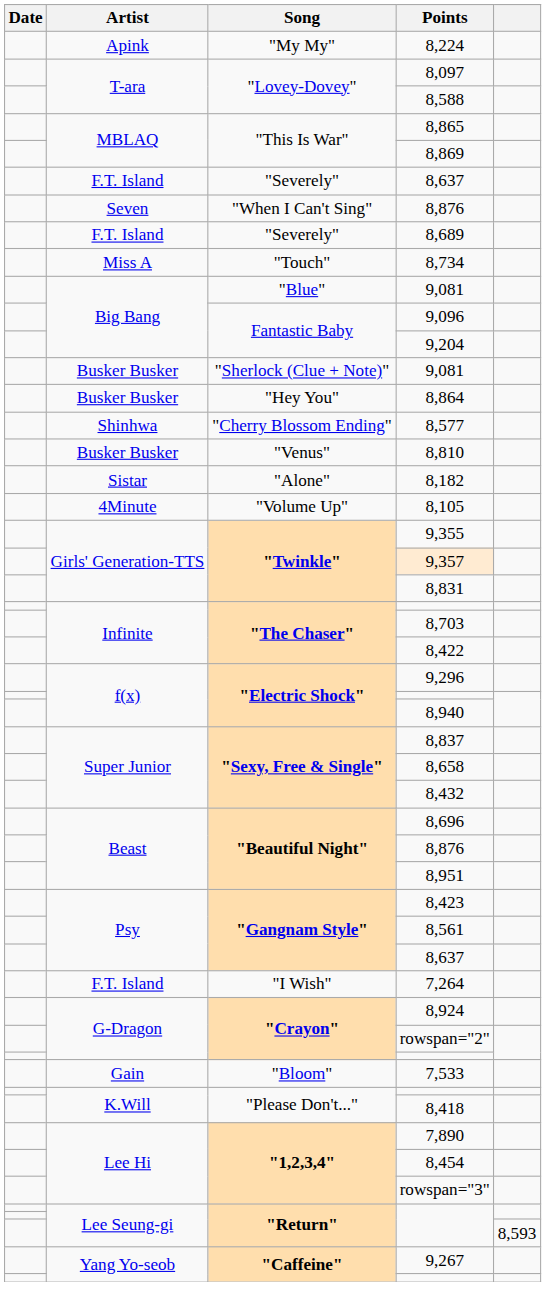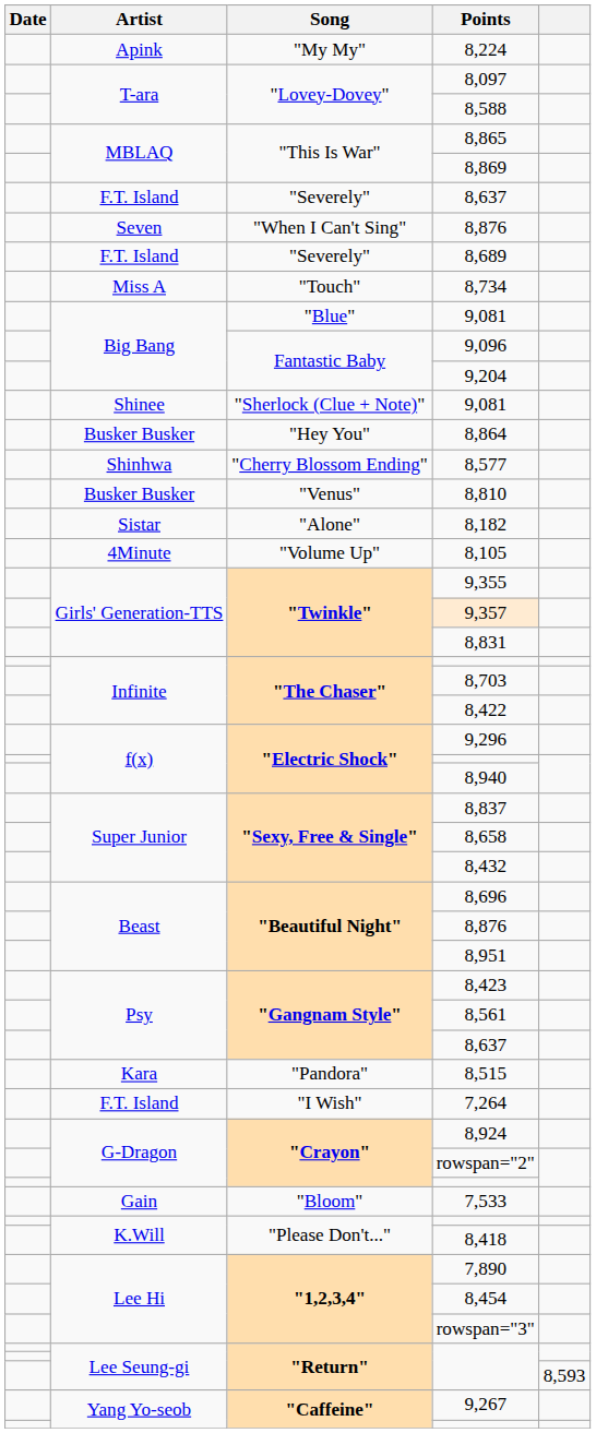 <table class="wikitable sortable" style=text-align:center>
 <tr>
 <th>Date</th>
 <th>Artist</th>
 <th>Song</th>
 <th>Points</th>
 <th class=unsortable></th>
 </tr>
 <tr>
 <td></td>
 <td><a href='#'>Apink</a></td>
 <td>"My My"</td>
 <td>8,224</td>
 <td></td>
 </tr>
 <tr>
 <td></td>
 <td rowspan="2"><a href='#'>T-ara</a></td>
 <td rowspan="2">"<a href='#'>Lovey-Dovey</a>"</td>
 <td>8,097</td>
 <td></td>
 </tr>
 <tr>
 <td></td>
 <td>8,588</td>
 <td></td>
 </tr>
 <tr>
 <td></td>
 <td rowspan="2"><a href='#'>MBLAQ</a></td>
 <td rowspan="2">"This Is War"</td>
 <td>8,865</td>
 <td></td>
 </tr>
 <tr>
 <td></td>
 <td>8,869</td>
 <td></td>
 </tr>
 <tr>
 <td></td>
 <td><a href='#'>F.T. Island</a></td>
 <td>"Severely"</td>
 <td>8,637</td>
 <td></td>
 </tr>
 <tr>
 <td></td>
 <td><a href='#'>Seven</a></td>
 <td>"When I Can't Sing"</td>
 <td>8,876</td>
 <td></td>
 </tr>
 <tr>
 <td></td>
 <td><a href='#'>F.T. Island</a></td>
 <td>"Severely"</td>
 <td>8,689</td>
 <td></td>
 </tr>
 <tr>
 <td></td>
 <td><a href='#'>Miss A</a></td>
 <td>"Touch"</td>
 <td>8,734</td>
 <td></td>
 </tr>
 <tr>
 <td></td>
 <td rowspan="3"><a href='#'>Big Bang</a></td>
 <td>"<a href='#'>Blue</a>"</td>
 <td>9,081</td>
 <td></td>
 </tr>
 <tr>
 <td></td>
 <td rowspan="2"><a href='#'>Fantastic Baby</a></td>
 <td>9,096</td>
 <td></td>
 </tr>
 <tr>
 <td></td>
 <td>9,204</td>
 <td></td>
 </tr>
 <tr>
 <td></td>
-<td><a href='#'>Busker Busker</a></td>
+<td><a href='#'>Shinee</a></td>
 <td>"<a href='#'>Sherlock (Clue + Note)</a>"</td>
 <td>9,081</td>
 <td></td>
 </tr>
 <tr>
 <td></td>
 <td><a href='#'>Busker Busker</a></td>
 <td>"Hey You"</td>
 <td>8,864</td>
 <td></td>
 </tr>
 <tr>
 <td></td>
 <td><a href='#'>Shinhwa</a></td>
 <td>"<a href='#'>Cherry Blossom Ending</a>"</td>
 <td>8,577</td>
 <td></td>
 </tr>
 <tr>
 <td></td>
 <td><a href='#'>Busker Busker</a></td>
 <td>"Venus"</td>
 <td>8,810</td>
 <td></td>
 </tr>
 <tr>
 <td></td>
 <td><a href='#'>Sistar</a></td>
 <td>"Alone"</td>
 <td>8,182</td>
 <td></td>
 </tr>
 <tr>
 <td></td>
 <td><a href='#'>4Minute</a></td>
 <td>"Volume Up"</td>
 <td>8,105</td>
 <td></td>
 </tr>
 <tr>
 <td></td>
 <td rowspan="3"><a href='#'>Girls' Generation-TTS</a></td>
 <td style="font-weight: bold; background: navajowhite;" rowspan="3">"<a href='#'>Twinkle</a>"</td>
 <td>9,355</td>
 <td></td>
 </tr>
 <tr>
 <td></td>
 <td style="background: #ffebd2">9,357</td>
 <td></td>
 </tr>
 <tr>
 <td></td>
 <td>8,831</td>
 <td></td>
 </tr>
 <tr>
 <td></td>
 <td rowspan="3"><a href='#'>Infinite</a></td>
 <td style="font-weight: bold; background: navajowhite;" rowspan="3">"<a href='#'>The Chaser</a>"</td>
 <td></td>
 <td></td>
 </tr>
 <tr>
 <td></td>
 <td>8,703</td>
 <td></td>
 </tr>
 <tr>
 <td></td>
 <td>8,422</td>
 <td></td>
 </tr>
 <tr>
 <td></td>
 <td rowspan="3"><a href='#'>f(x)</a></td>
 <td style="font-weight: bold; background: navajowhite;" rowspan="3">"<a href='#'>Electric Shock</a>"</td>
 <td>9,296</td>
 <td></td>
 </tr>
 <tr>
 <td></td>
 <td></td>
 <td rowspan="2"></td>
 </tr>
 <tr>
 <td></td>
 <td>8,940</td>
 </tr>
 <tr>
 <td></td>
 <td rowspan="3"><a href='#'>Super Junior</a></td>
 <td style="font-weight: bold; background: navajowhite;" rowspan="3">"<a href='#'>Sexy, Free & Single</a>"</td>
 <td>8,837</td>
 <td></td>
 </tr>
 <tr>
 <td></td>
 <td>8,658</td>
 <td></td>
 </tr>
 <tr>
 <td></td>
 <td>8,432</td>
 <td></td>
 </tr>
 <tr>
 <td></td>
 <td rowspan="3"><a href='#'>Beast</a></td>
 <td style="font-weight: bold; background: navajowhite;" rowspan="3">"Beautiful Night"</td>
 <td>8,696</td>
 <td></td>
 </tr>
 <tr>
 <td></td>
 <td>8,876</td>
 <td></td>
 </tr>
 <tr>
 <td></td>
 <td>8,951</td>
 <td></td>
 </tr>
 <tr>
 <td></td>
 <td rowspan="3"><a href='#'>Psy</a></td>
 <td style="font-weight: bold; background: navajowhite;" rowspan="3">"<a href='#'>Gangnam Style</a>"</td>
 <td>8,423</td>
 <td></td>
 </tr>
 <tr>
 <td></td>
 <td>8,561</td>
 <td></td>
 </tr>
 <tr>
 <td></td>
 <td>8,637</td>
 <td></td>
 </tr>
 <tr>
 <td></td>
+<td><a href='#'>Kara</a></td>
+<td>"Pandora"</td>
+<td>8,515</td>
+<td></td>
+</tr>
+<tr>
+<td></td>
 <td><a href='#'>F.T. Island</a></td>
 <td>"I Wish"</td>
 <td>7,264</td>
 <td></td>
 </tr>
 <tr>
 <td></td>
 <td rowspan="3"><a href='#'>G-Dragon</a></td>
 <td style="font-weight: bold; background: navajowhite;" rowspan="3">"<a href='#'>Crayon</a>"</td>
 <td>8,924</td>
 <td></td>
 </tr>
 <tr>
 <td></td>
 <td>rowspan="2" </td>
 <td rowspan="2"></td>
 </tr>
 <tr>
 <td></td>
 </tr>
 <tr>
 <td></td>
 <td><a href='#'>Gain</a></td>
 <td>"<a href='#'>Bloom</a>"</td>
 <td>7,533</td>
 <td></td>
 </tr>
 <tr>
 <td></td>
 <td rowspan="2"><a href='#'>K.Will</a></td>
 <td rowspan="2">"Please Don't..."</td>
 <td></td>
 <td></td>
 </tr>
 <tr>
 <td></td>
 <td>8,418</td>
 <td></td>
 </tr>
 <tr>
 <td></td>
 <td rowspan="3"><a href='#'>Lee Hi</a></td>
 <td style="font-weight: bold; background: navajowhite;" rowspan="3">"1,2,3,4"</td>
 <td>7,890</td>
 <td></td>
 </tr>
 <tr>
 <td></td>
 <td>8,454</td>
 <td></td>
 </tr>
 <tr>
 <td></td>
 <td>rowspan="3" </td>
 <td></td>
 </tr>
 <tr>
 <td></td>
 <td rowspan="3"><a href='#'>Lee Seung-gi</a></td>
 <td style="font-weight: bold; background: navajowhite;" rowspan="3">"Return"</td>
 <td rowspan="3"></td>
 </tr>
 <tr>
 <td></td>
 </tr>
 <tr>
 <td></td>
 <td>8,593</td>
 </tr>
 <tr>
 <td></td>
 <td rowspan="2"><a href='#'>Yang Yo-seob</a></td>
 <td style="font-weight: bold; background: navajowhite;" rowspan="2">"Caffeine"</td>
 <td>9,267</td>
 <td></td>
 </tr>
 <tr>
 <td></td>
 <td></td>
 <td></td>
 </tr>
 </table>
